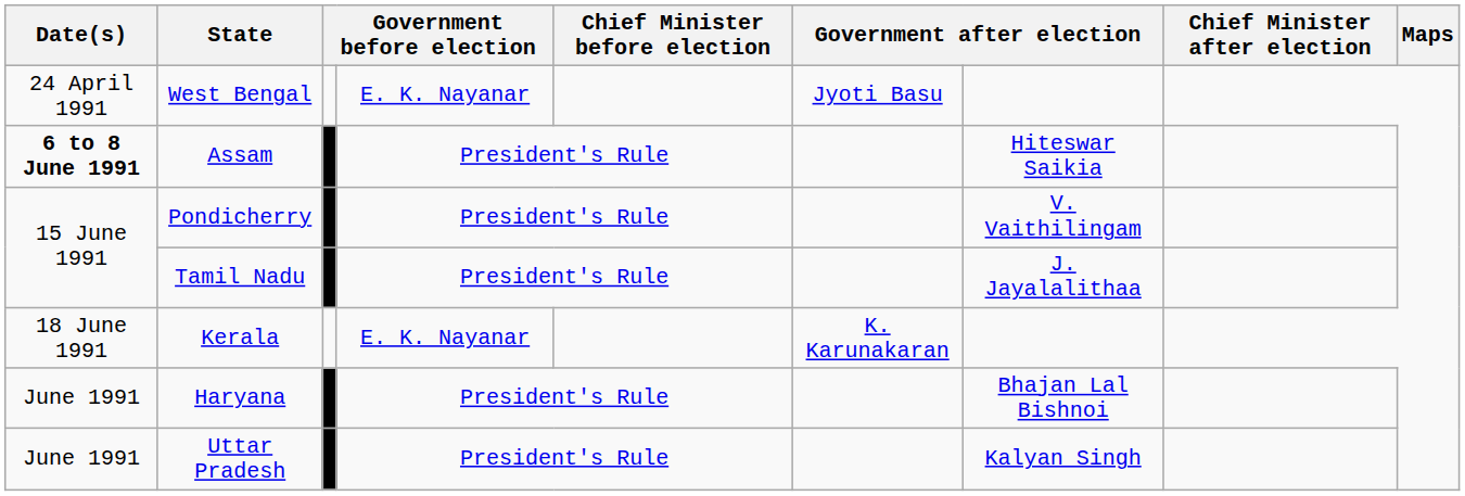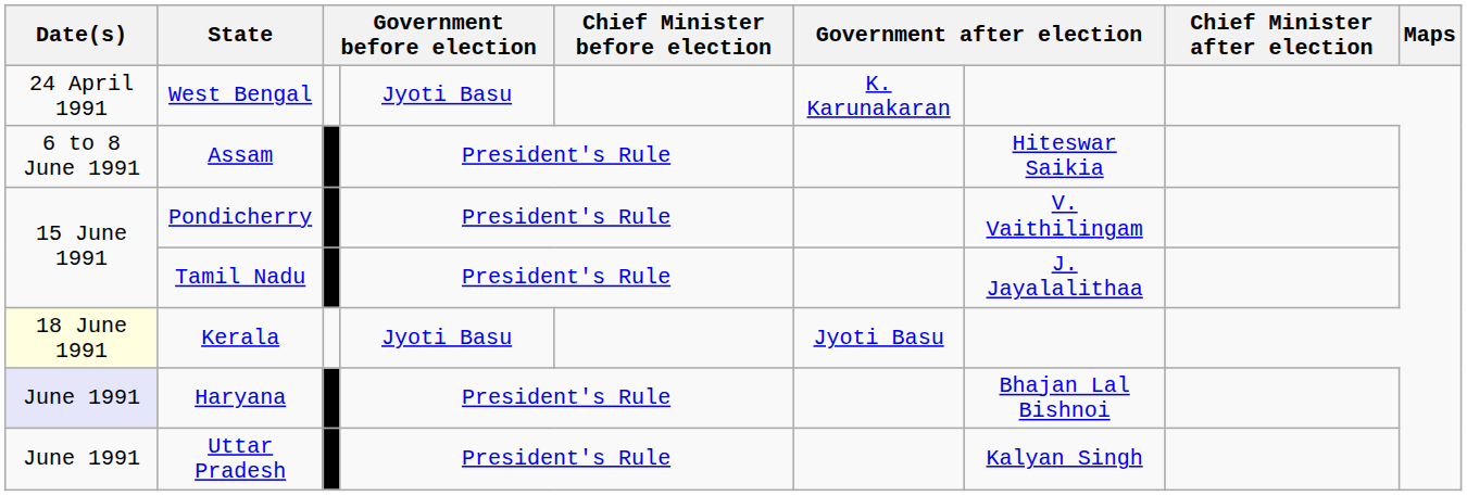 <table class="wikitable sortable" style="text-align:center;">
 <tr>
 <th>Date(s)</th>
 <th>State</th>
 <th colspan="2">Government before election</th>
 <th>Chief Minister before election</th>
 <th colspan="2">Government after election</th>
 <th>Chief Minister after election</th>
 <th>Maps</th>
 </tr>
 <tr>
 <td>24 April 1991</td>
 <td><a href='#'>West Bengal</a></td>
 <td></td>
-<td><a href='#'>E. K. Nayanar</a></td>
+<td><a href='#'>Jyoti Basu</a></td>
 <td></td>
-<td><a href='#'>Jyoti Basu</a></td>
+<td><a href='#'>K. Karunakaran</a></td>
 <td></td>
 </tr>
 <tr>
-<td><strong>6 to 8 June 1991</strong></td>
+<td>6 to 8 June 1991</td>
 <td><a href='#'>Assam</a></td>
 <td bgcolor="#000000"></td>
 <td colspan="2" align="center"><a href='#'>President's Rule</a></td>
 <td></td>
 <td><a href='#'>Hiteswar Saikia</a></td>
 <td></td>
 </tr>
 <tr>
 <td rowspan="2">15 June 1991</td>
 <td><a href='#'>Pondicherry</a></td>
 <td bgcolor="#000000"></td>
 <td colspan="2" align="center"><a href='#'>President's Rule</a></td>
 <td></td>
 <td><a href='#'>V. Vaithilingam</a></td>
 <td></td>
 </tr>
 <tr>
 <td><a href='#'>Tamil Nadu</a></td>
 <td bgcolor="#000000"></td>
 <td colspan="2" align="center"><a href='#'>President's Rule</a></td>
 <td></td>
 <td><a href='#'>J. Jayalalithaa</a></td>
 <td></td>
 </tr>
 <tr>
-<td>18 June 1991</td>
+<td style="background: lightyellow;">18 June 1991</td>
 <td><a href='#'>Kerala</a></td>
 <td></td>
-<td><a href='#'>E. K. Nayanar</a></td>
+<td><a href='#'>Jyoti Basu</a></td>
 <td></td>
-<td><a href='#'>K. Karunakaran</a></td>
+<td><a href='#'>Jyoti Basu</a></td>
 <td></td>
 </tr>
 <tr>
-<td>June 1991</td>
+<td style="background: lavender;">June 1991</td>
 <td><a href='#'>Haryana</a></td>
 <td bgcolor="#000000"></td>
 <td colspan="2" align="center"><a href='#'>President's Rule</a></td>
 <td></td>
 <td><a href='#'>Bhajan Lal Bishnoi</a></td>
 <td></td>
 </tr>
 <tr>
 <td>June 1991</td>
 <td><a href='#'>Uttar Pradesh</a></td>
 <td bgcolor="#000000"></td>
 <td colspan="2" align="center"><a href='#'>President's Rule</a></td>
 <td></td>
 <td><a href='#'>Kalyan Singh</a></td>
 <td></td>
 </tr>
 </table>
